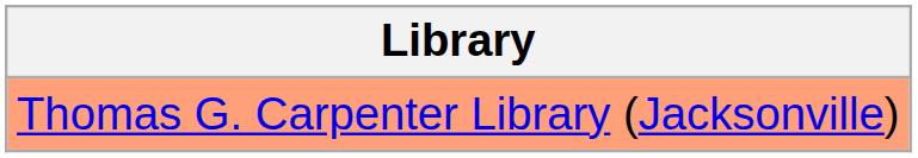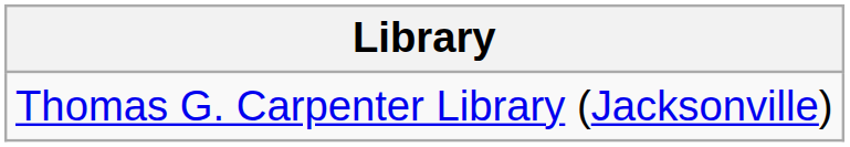 <table class="wikitable sortable">
 <tr>
 <th>Library</th>
 </tr>
 <tr valign="top">
-<td style="background: lightsalmon;"><a href='#'>Thomas G. Carpenter Library</a> (<a href='#'>Jacksonville</a>)</td>
+<td><a href='#'>Thomas G. Carpenter Library</a> (<a href='#'>Jacksonville</a>)</td>
 </tr>
 </table>
